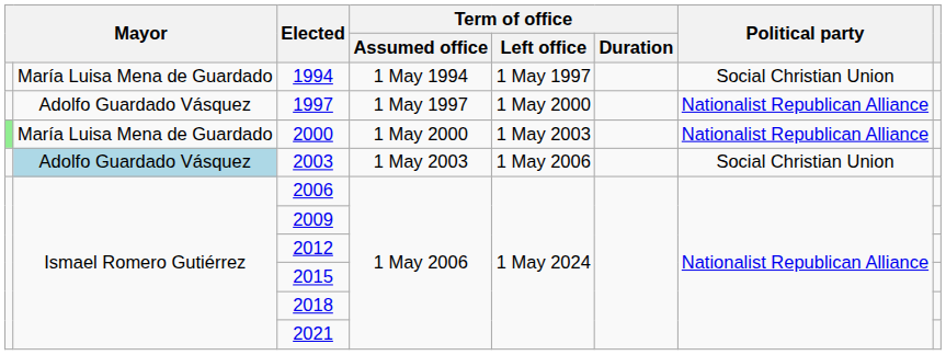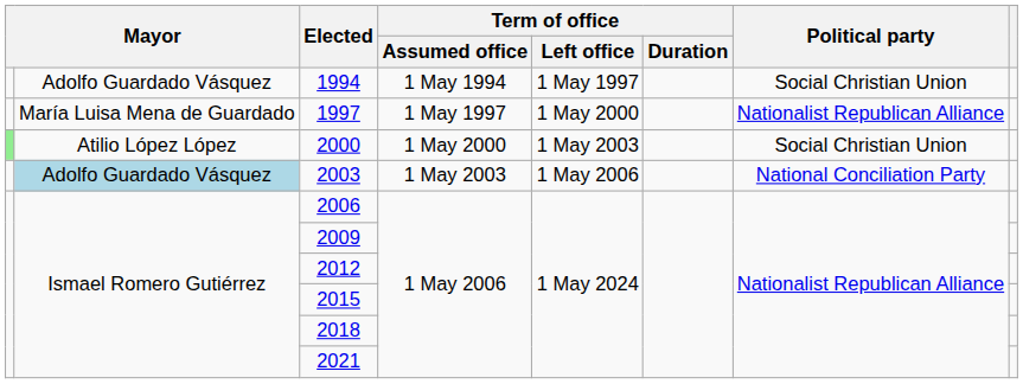 <table class="wikitable" style="text-align:center">
 <tr>
 <th colspan="2" rowspan="2">Mayor</th>
 <th rowspan="2">Elected</th>
 <th colspan="3">Term of office</th>
 <th rowspan="2">Political party</th>
 <th rowspan="2"></th>
 </tr>
 <tr>
 <th>Assumed office</th>
 <th>Left office</th>
 <th>Duration</th>
 </tr>
 <tr>
 <td style="background:"></td>
-<td>María Luisa Mena de Guardado</td>
+<td>Adolfo Guardado Vásquez</td>
 <td><a href='#'>1994</a></td>
 <td>1 May 1994</td>
 <td>1 May 1997</td>
 <td></td>
 <td>Social Christian Union</td>
 <td></td>
 </tr>
 <tr>
 <td style="background:"></td>
-<td>Adolfo Guardado Vásquez</td>
+<td>María Luisa Mena de Guardado</td>
 <td><a href='#'>1997</a></td>
 <td>1 May 1997</td>
 <td>1 May 2000</td>
 <td></td>
 <td><a href='#'>Nationalist Republican Alliance</a></td>
 <td></td>
 </tr>
 <tr>
 <td style="background:lightgreen"></td>
-<td>María Luisa Mena de Guardado</td>
+<td>Atilio López López</td>
 <td><a href='#'>2000</a></td>
 <td>1 May 2000</td>
 <td>1 May 2003</td>
 <td></td>
-<td><a href='#'>Nationalist Republican Alliance</a></td>
+<td>Social Christian Union</td>
 <td></td>
 </tr>
 <tr>
 <td style="background:"></td>
 <td style="background: lightblue;">Adolfo Guardado Vásquez</td>
 <td><a href='#'>2003</a></td>
 <td>1 May 2003</td>
 <td>1 May 2006</td>
 <td></td>
-<td>Social Christian Union</td>
+<td><a href='#'>National Conciliation Party</a></td>
 <td></td>
 </tr>
 <tr>
 <td rowspan="6" style="background:"></td>
 <td rowspan="6">Ismael Romero Gutiérrez</td>
 <td><a href='#'>2006</a></td>
 <td rowspan="6">1 May 2006</td>
 <td rowspan="6">1 May 2024</td>
 <td rowspan="6"></td>
 <td rowspan="6"><a href='#'>Nationalist Republican Alliance</a></td>
 <td></td>
 </tr>
 <tr>
 <td><a href='#'>2009</a></td>
 <td></td>
 </tr>
 <tr>
 <td><a href='#'>2012</a></td>
 <td></td>
 </tr>
 <tr>
 <td><a href='#'>2015</a></td>
 <td></td>
 </tr>
 <tr>
 <td><a href='#'>2018</a></td>
 <td></td>
 </tr>
 <tr>
 <td><a href='#'>2021</a></td>
 <td></td>
 </tr>
 </table>
